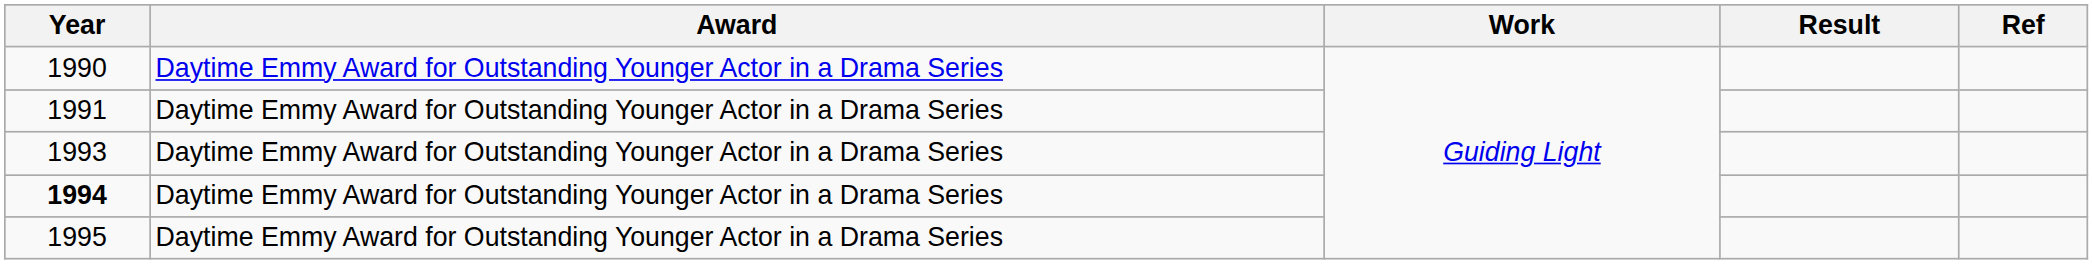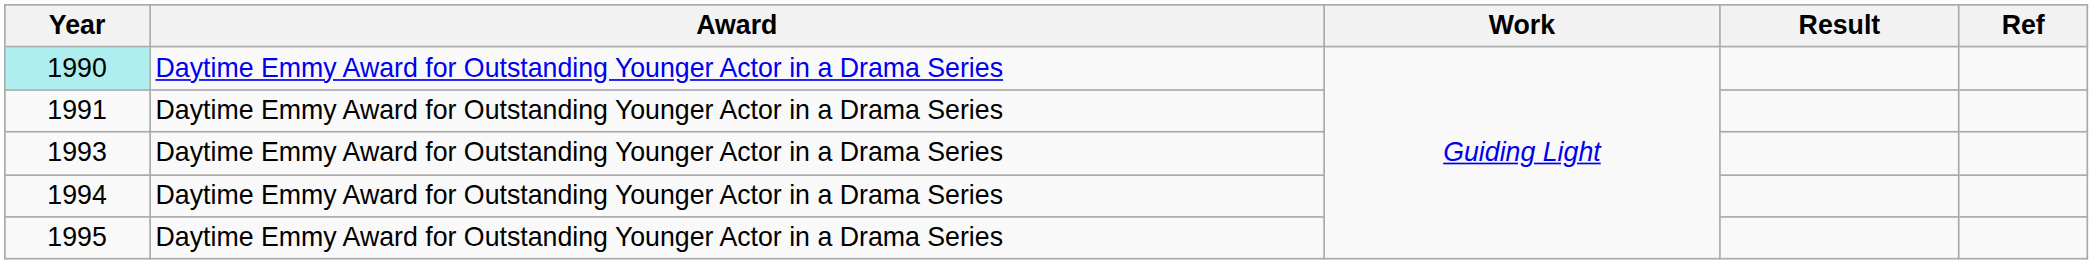 <table class="wikitable sortable plainrowheaders">
 <tr>
 <th scope="col" style="width:0.5%;">Year</th>
 <th scope="col" style="width:7%;">Award</th>
 <th scope="col" style="width:2%;">Work</th>
 <th scope="col" style="width:1%;">Result</th>
 <th scope="col" style="width:0.5%;">Ref</th>
 </tr>
 <tr>
-<td style="text-align:center;">1990</td>
+<td style="background: paleturquoise; text-align:center;">1990</td>
 <td><a href='#'>Daytime Emmy Award for Outstanding Younger Actor in a Drama Series</a></td>
 <td rowspan="9" style="text-align:center;"><em><a href='#'>Guiding Light</a></em></td>
 <td></td>
 <td style="text-align:center;"></td>
 </tr>
 <tr>
 <td style="text-align:center;">1991</td>
 <td>Daytime Emmy Award for Outstanding Younger Actor in a Drama Series</td>
 <td></td>
 <td style="text-align:center;"></td>
 </tr>
 <tr>
 <td style="text-align:center;">1993</td>
 <td>Daytime Emmy Award for Outstanding Younger Actor in a Drama Series</td>
 <td></td>
 <td style="text-align:center;"></td>
 </tr>
 <tr>
-<td style="text-align:center;"><strong>1994</strong></td>
+<td style="text-align:center;">1994</td>
 <td>Daytime Emmy Award for Outstanding Younger Actor in a Drama Series</td>
 <td></td>
 <td style="text-align:center;"></td>
 </tr>
 <tr>
 <td style="text-align:center;">1995</td>
 <td>Daytime Emmy Award for Outstanding Younger Actor in a Drama Series</td>
 <td></td>
 <td style="text-align:center;"></td>
 </tr>
 </table>
